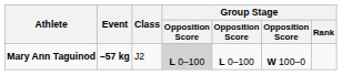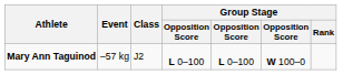 <table class="wikitable" style="font-size:90%; text-align:center">
 <tr>
 <th rowspan=2>Athlete</th>
 <th rowspan=2>Event</th>
 <th rowspan=2>Class</th>
 <th colspan=4>Group Stage</th>
 </tr>
 <tr style="font-size:90%">
 <th>Opposition<br>Score</th>
 <th>Opposition<br>Score</th>
 <th>Opposition<br>Score</th>
 <th>Rank</th>
 </tr>
 <tr align=center>
 <td align=left><strong>Mary Ann Taguinod</strong></td>
-<td align=left><strong>–57 kg</strong></td>
+<td align=left>–57 kg</td>
 <td align=left>J2</td>
-<td style="background: lightgrey;"><br><strong>L</strong> 0–100</td>
+<td><br><strong>L</strong> 0–100</td>
 <td><br><strong>L</strong> 0–100</td>
 <td><br><strong>W</strong> 100–0</td>
 <td></td>
 </tr>
 </table>
